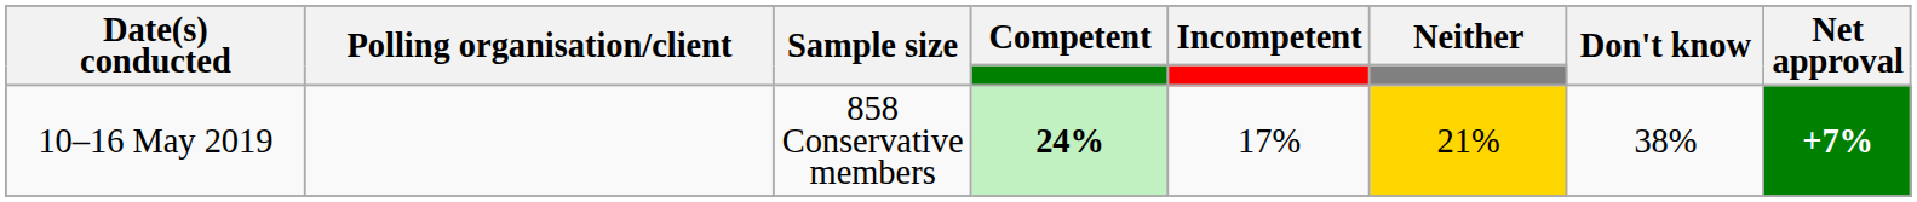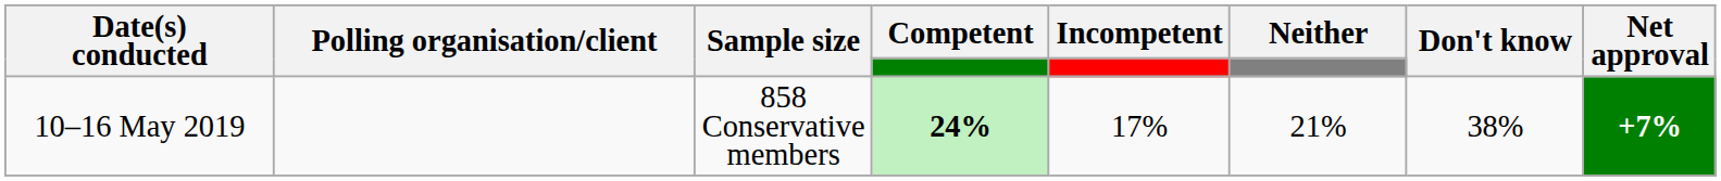 <table class="wikitable collapsible sortable" style="text-align:center;font-size:95%;line-height:14px;">
 <tr>
 <th rowspan="2" style="width:125px;">Date(s)<br>conducted</th>
 <th rowspan="2" style="width:200px;">Polling organisation/client</th>
 <th rowspan="2" style="width:60px;">Sample size</th>
 <th class="unsortable" style="width:80px;">Competent</th>
 <th class="unsortable" style="width: 80px;">Incompetent</th>
 <th class="unsortable" style="width:80px;">Neither</th>
 <th rowspan="2" class="unsortable" style="width:80px;">Don't know</th>
 <th rowspan="2" class="unsortable" style="width:20px;">Net approval</th>
 </tr>
 <tr>
 <th class="unsortable" style="background:green;width:60px;"></th>
 <th class="unsortable" style="background:red;width:60px;"></th>
 <th class="unsortable" style="background:grey;width:60px;"></th>
 </tr>
 <tr>
 <td>10–16 May 2019</td>
 <td></td>
 <td>858 Conservative members</td>
 <td style="background:#C1F0C1"><strong>24%</strong></td>
 <td>17%</td>
-<td style="background: gold;">21%</td>
+<td>21%</td>
 <td>38%</td>
 <td style="background:green;color:white;"><strong>+7%</strong></td>
 </tr>
 </table>
